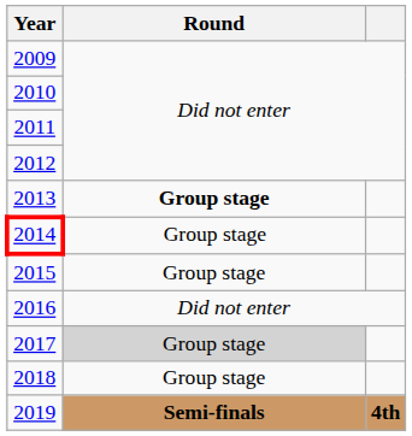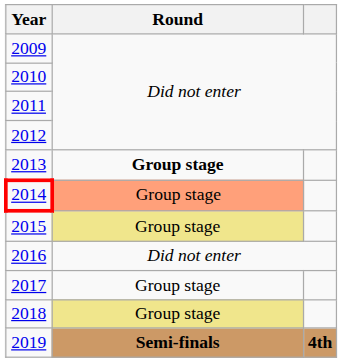 <table class="wikitable" style="text-align: center; font-size:90%">
 <tr>
 <th>Year</th>
 <th style="width:200px">Round</th>
 <th></th>
 </tr>
 <tr>
 <td><a href='#'>2009</a></td>
 <td colspan="2" rowspan="4"><em>Did not enter</em></td>
 </tr>
 <tr>
 <td><a href='#'>2010</a></td>
 </tr>
 <tr>
 <td><a href='#'>2011</a></td>
 </tr>
 <tr>
 <td><a href='#'>2012</a></td>
 </tr>
 <tr>
 <td><a href='#'>2013</a></td>
 <td><strong>Group stage</strong></td>
 <td></td>
 </tr>
 <tr>
 <td style="border: 3px solid red"><a href='#'>2014</a></td>
-<td>Group stage</td>
+<td style="background: lightsalmon;">Group stage</td>
 <td></td>
 </tr>
 <tr>
 <td><a href='#'>2015</a></td>
-<td>Group stage</td>
+<td style="background: khaki;">Group stage</td>
 <td></td>
 </tr>
 <tr>
 <td><a href='#'>2016</a></td>
 <td colspan="2"><em>Did not enter</em></td>
 </tr>
 <tr>
 <td><a href='#'>2017</a></td>
-<td style="background: lightgrey;">Group stage</td>
+<td>Group stage</td>
 <td></td>
 </tr>
 <tr>
 <td><a href='#'>2018</a></td>
-<td>Group stage</td>
+<td style="background: khaki;">Group stage</td>
 <td></td>
 </tr>
 <tr>
 <td><a href='#'>2019</a></td>
 <td bgcolor="cc9966"><strong>Semi-finals</strong></td>
 <td bgcolor="cc9966"><strong>4th</strong></td>
 </tr>
 </table>
